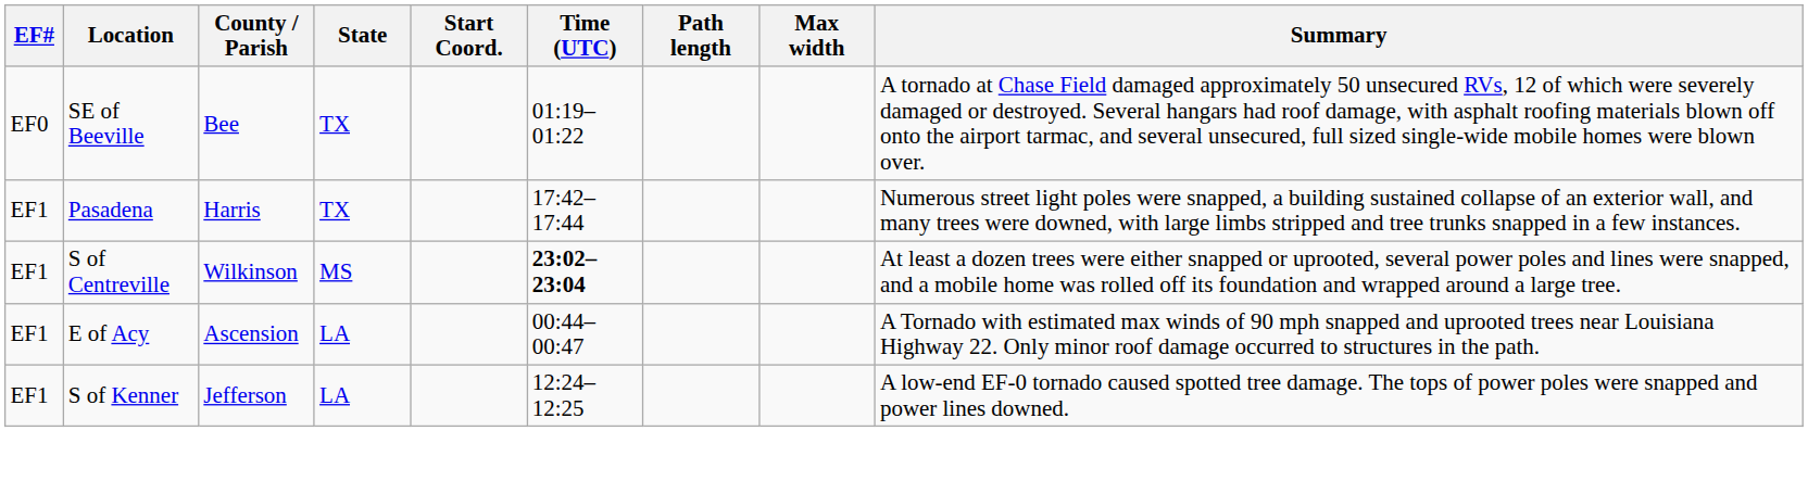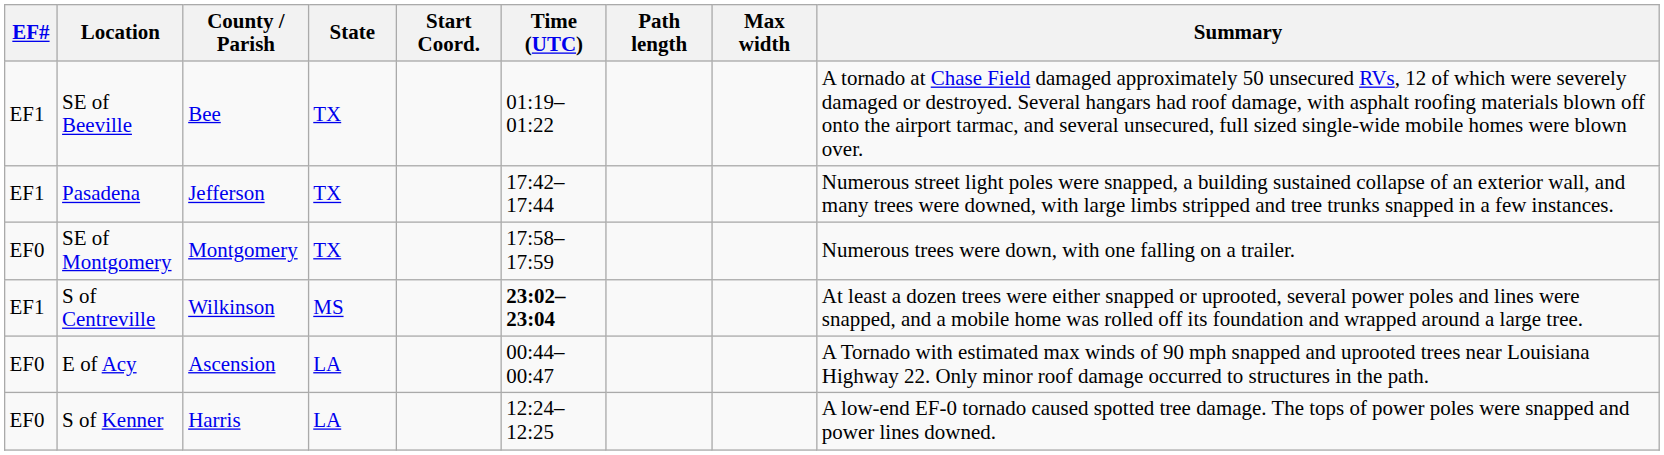 <table class="wikitable sortable" style="width:100%;">
 <tr>
 <th scope="col"  style="width:3%; text-align:center;"><a href='#'>EF#</a></th>
 <th scope="col"  style="width:7%; text-align:center;" class="unsortable">Location</th>
 <th scope="col"  style="width:6%; text-align:center;" class="unsortable">County / Parish</th>
 <th scope="col"  style="width:5%; text-align:center;">State</th>
 <th scope="col"  style="width:6%; text-align:center;">Start Coord.</th>
 <th scope="col"  style="width:6%; text-align:center;">Time (<a href='#'>UTC</a>)</th>
 <th scope="col"  style="width:6%; text-align:center;">Path length</th>
 <th scope="col"  style="width:6%; text-align:center;">Max width</th>
 <th scope="col" class="unsortable" style="width:48%; text-align:center;">Summary</th>
 </tr>
 <tr>
-<td>EF0</td>
+<td>EF1</td>
 <td>SE of <a href='#'>Beeville</a></td>
 <td><a href='#'>Bee</a></td>
 <td><a href='#'>TX</a></td>
 <td></td>
 <td>01:19–01:22</td>
 <td></td>
 <td></td>
 <td>A tornado at <a href='#'>Chase Field</a> damaged approximately 50 unsecured <a href='#'>RVs</a>, 12 of which were severely damaged or destroyed. Several hangars had roof damage, with asphalt roofing materials blown off onto the airport tarmac, and several unsecured, full sized single-wide mobile homes were blown over.</td>
 </tr>
 <tr>
 <td>EF1</td>
 <td><a href='#'>Pasadena</a></td>
-<td><a href='#'>Harris</a></td>
+<td><a href='#'>Jefferson</a></td>
 <td><a href='#'>TX</a></td>
 <td></td>
 <td>17:42–17:44</td>
 <td></td>
 <td></td>
 <td>Numerous street light poles were snapped, a building sustained collapse of an exterior wall, and many trees were downed, with large limbs stripped and tree trunks snapped in a few instances.</td>
+</tr>
+<tr>
+<td>EF0</td>
+<td>SE of <a href='#'>Montgomery</a></td>
+<td><a href='#'>Montgomery</a></td>
+<td><a href='#'>TX</a></td>
+<td></td>
+<td>17:58–17:59</td>
+<td></td>
+<td></td>
+<td>Numerous trees were down, with one falling on a trailer.</td>
 </tr>
 <tr>
 <td>EF1</td>
 <td>S of <a href='#'>Centreville</a></td>
 <td><a href='#'>Wilkinson</a></td>
 <td><a href='#'>MS</a></td>
 <td></td>
 <td><strong>23:02–23:04</strong></td>
 <td></td>
 <td></td>
 <td>At least a dozen trees were either snapped or uprooted, several power poles and lines were snapped, and a mobile home was rolled off its foundation and wrapped around a large tree.</td>
 </tr>
 <tr>
-<td>EF1</td>
+<td>EF0</td>
 <td>E of <a href='#'>Acy</a></td>
 <td><a href='#'>Ascension</a></td>
 <td><a href='#'>LA</a></td>
 <td></td>
 <td>00:44–00:47</td>
 <td></td>
 <td></td>
 <td>A Tornado with estimated max winds of 90 mph snapped and uprooted trees near Louisiana Highway 22. Only minor roof damage occurred to structures in the path.</td>
 </tr>
 <tr>
-<td>EF1</td>
+<td>EF0</td>
 <td>S of <a href='#'>Kenner</a></td>
-<td><a href='#'>Jefferson</a></td>
+<td><a href='#'>Harris</a></td>
 <td><a href='#'>LA</a></td>
 <td></td>
 <td>12:24–12:25</td>
 <td></td>
 <td></td>
 <td>A low-end EF-0 tornado caused spotted tree damage. The tops of power poles were snapped and power lines downed.</td>
 </tr>
 </table>
